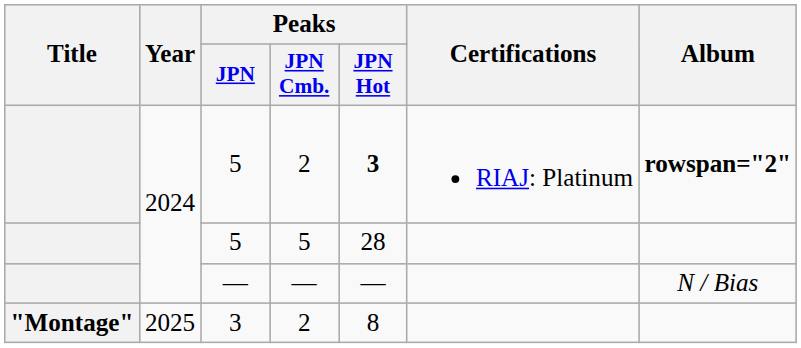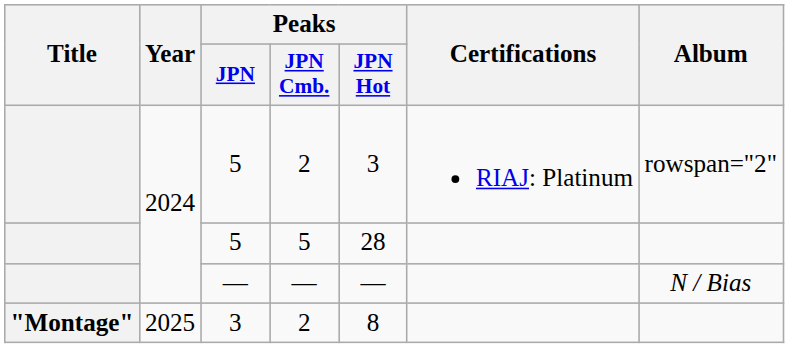 <table class="wikitable plainrowheaders" style="text-align:center">
 <tr>
 <th scope="col" rowspan="2">Title</th>
 <th scope="col" rowspan="2">Year</th>
 <th scope="col" colspan="3">Peaks</th>
 <th scope="col" rowspan="2">Certifications</th>
 <th scope="col" rowspan="2">Album</th>
 </tr>
 <tr>
 <th scope="col" style="width:2.75em;font-size:85%"><a href='#'>JPN</a><br></th>
 <th scope="col" style="width:2.75em;font-size:85%"><a href='#'>JPN<br>Cmb.</a><br></th>
 <th scope="col" style="width:2.75em;font-size:85%"><a href='#'>JPN<br>Hot</a><br></th>
 </tr>
 <tr>
 <th scope="row"><br></th>
 <td rowspan="3">2024</td>
 <td>5</td>
 <td>2</td>
-<td><strong>3</strong></td>
+<td>3</td>
 <td><br><ul><li><a href='#'>RIAJ</a>: Platinum </li></ul></td>
-<td><strong>rowspan="2" </strong></td>
+<td>rowspan="2" </td>
 </tr>
 <tr>
 <th scope="row"><br></th>
 <td>5</td>
 <td>5</td>
 <td>28</td>
 <td></td>
 </tr>
 <tr>
 <th scope="row"></th>
 <td>—</td>
 <td>—</td>
 <td>—</td>
 <td></td>
 <td><em>N / Bias</em></td>
 </tr>
 <tr>
 <th scope="row">"Montage"<br></th>
 <td>2025</td>
 <td>3</td>
 <td>2</td>
 <td>8</td>
 <td></td>
 <td></td>
 </tr>
 </table>
